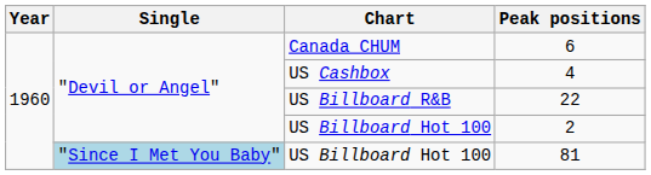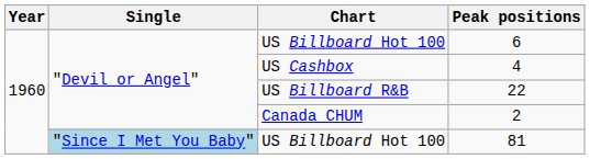 <table class="wikitable">
 <tr>
 <th>Year</th>
 <th>Single</th>
 <th>Chart</th>
 <th>Peak positions</th>
 </tr>
 <tr>
 <td rowspan="5">1960</td>
 <td rowspan="4">"<a href='#'>Devil or Angel</a>"</td>
-<td><a href='#'>Canada CHUM</a></td>
+<td>US <a href='#'><em>Billboard</em> Hot 100</a></td>
 <td align="center">6</td>
 </tr>
 <tr>
 <td>US <em><a href='#'>Cashbox</a></em></td>
 <td align="center">4</td>
 </tr>
 <tr>
 <td>US <a href='#'><em>Billboard</em> R&B</a></td>
 <td align="center">22</td>
 </tr>
 <tr>
-<td>US <a href='#'><em>Billboard</em> Hot 100</a></td>
+<td><a href='#'>Canada CHUM</a></td>
 <td align="center">2</td>
 </tr>
 <tr>
 <td style="background: lightblue;">"<a href='#'>Since I Met You Baby</a>"</td>
 <td>US <em>Billboard</em> Hot 100</td>
 <td align="center">81</td>
 </tr>
 </table>
